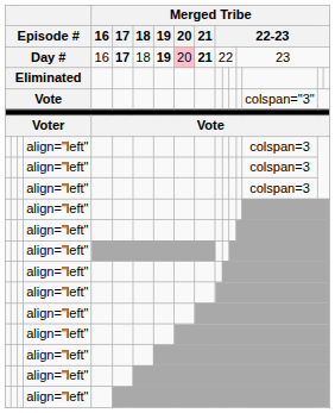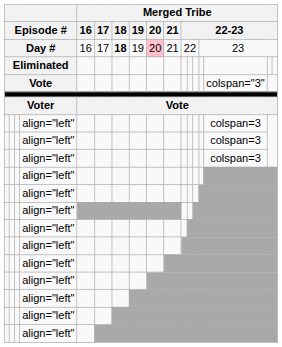 <table class="wikitable" style="text-align:center; white-space:nowrap;">
 <tr>
 <th colspan="4"></th>
 <th colspan="13">Merged Tribe</th>
 </tr>
 <tr>
 <th colspan="4">Episode #</th>
 <th>16</th>
 <th>17</th>
 <th>18</th>
 <th>19</th>
 <th>20</th>
 <th>21</th>
 <th colspan="7">22-23</th>
 </tr>
 <tr>
 <th colspan="4">Day #</th>
 <td>16</td>
-<td><strong>17</strong></td>
-<td>18</td>
-<td><strong>19</strong></td>
+<td>17</td>
+<td><strong>18</strong></td>
+<td>19</td>
 <td style="background: pink;">20</td>
-<td><strong>21</strong></td>
+<td>21</td>
 <td colspan="3">22</td>
 <td colspan="4">23</td>
 </tr>
 <tr>
 <th colspan="4">Eliminated</th>
 <td></td>
 <td></td>
 <td></td>
 <td></td>
 <td></td>
 <td></td>
 <td></td>
 <td></td>
 <td></td>
 <td></td>
 <td></td>
 <td></td>
 <td></td>
 </tr>
 <tr>
 <th colspan="4">Vote</th>
 <td></td>
 <td></td>
 <td></td>
 <td></td>
 <td></td>
 <td></td>
 <td></td>
 <td></td>
 <td></td>
 <td></td>
 <td>colspan="3" </td>
 </tr>
 <tr>
 <td colspan="23" bgcolor="black"></td>
 </tr>
 <tr>
 <th colspan="4">Voter</th>
 <th colspan="26">Vote</th>
 </tr>
 <tr>
 <td></td>
 <td></td>
 <td></td>
 <td>align="left" </td>
 <td></td>
 <td></td>
 <td></td>
 <td></td>
 <td></td>
 <td></td>
 <td></td>
 <td></td>
 <td></td>
 <td></td>
 <td>colspan=3 </td>
 </tr>
 <tr>
 <td></td>
 <td></td>
 <td></td>
 <td>align="left" </td>
 <td></td>
 <td></td>
 <td></td>
 <td></td>
 <td></td>
 <td></td>
 <td></td>
 <td></td>
 <td></td>
 <td></td>
 <td>colspan=3 </td>
 </tr>
 <tr>
 <td></td>
 <td></td>
 <td></td>
 <td>align="left" </td>
 <td></td>
 <td></td>
 <td></td>
 <td></td>
 <td></td>
 <td></td>
 <td></td>
 <td></td>
 <td></td>
 <td></td>
 <td>colspan=3 </td>
 </tr>
 <tr>
 <td></td>
 <td></td>
 <td></td>
 <td>align="left" </td>
 <td></td>
 <td></td>
 <td></td>
 <td></td>
 <td></td>
 <td></td>
 <td></td>
 <td></td>
 <td></td>
 <td></td>
 <td colspan="6" style="background:darkgrey;"></td>
 </tr>
 <tr>
 <td></td>
 <td></td>
 <td></td>
 <td>align="left" </td>
 <td></td>
 <td></td>
 <td></td>
 <td></td>
 <td></td>
 <td></td>
 <td></td>
 <td></td>
 <td></td>
 <td colspan="6" style="background:darkgrey;"></td>
 </tr>
 <tr>
 <td></td>
 <td></td>
 <td></td>
 <td>align="left" </td>
 <td colspan="6" style="background:darkgrey;"></td>
 <td></td>
 <td></td>
 <td colspan="6" style="background:darkgrey;"></td>
 </tr>
 <tr>
 <td></td>
 <td></td>
 <td></td>
 <td>align="left" </td>
 <td></td>
 <td></td>
 <td></td>
 <td></td>
 <td></td>
 <td></td>
 <td></td>
 <td colspan="15" style="background:darkgrey;"></td>
 </tr>
 <tr>
 <td></td>
 <td></td>
 <td></td>
 <td>align="left" </td>
 <td></td>
 <td></td>
 <td></td>
 <td></td>
 <td></td>
 <td></td>
 <td colspan="15" style="background:darkgrey;"></td>
 </tr>
 <tr>
 <td></td>
 <td></td>
 <td></td>
 <td>align="left" </td>
 <td></td>
 <td></td>
 <td></td>
 <td></td>
 <td></td>
 <td colspan="15" style="background:darkgrey;"></td>
 </tr>
 <tr>
 <td></td>
 <td></td>
 <td></td>
 <td>align="left" </td>
 <td></td>
 <td></td>
 <td></td>
 <td></td>
 <td colspan="15" style="background:darkgrey;"></td>
 </tr>
 <tr>
 <td></td>
 <td></td>
 <td></td>
 <td>align="left" </td>
 <td></td>
 <td></td>
 <td></td>
 <td colspan="15" style="background:darkgrey;"></td>
 </tr>
 <tr>
 <td></td>
 <td></td>
 <td></td>
 <td>align="left" </td>
 <td></td>
 <td></td>
 <td colspan="15" style="background:darkgrey;"></td>
 </tr>
 <tr>
 <td></td>
 <td></td>
 <td></td>
 <td>align="left" </td>
 <td></td>
 <td colspan="15" style="background:darkgrey;"></td>
 </tr>
 </table>
